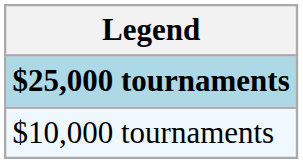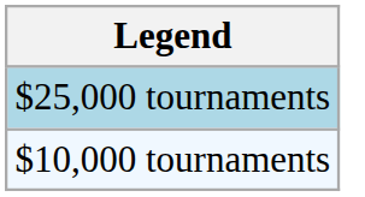 <table class="wikitable" style=font-size:85%>
 <tr>
 <th>Legend</th>
 </tr>
 <tr bgcolor="lightblue">
-<td><strong>$25,000 tournaments</strong></td>
+<td>$25,000 tournaments</td>
 </tr>
 <tr bgcolor="f0f8ff">
 <td>$10,000 tournaments</td>
 </tr>
 </table>
